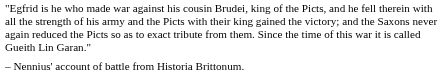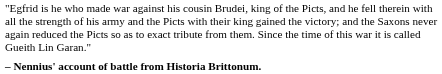 <table class="toccolours" style="float: left; margin-left: 1em; margin-right: 2em; font-size: 85%; background:#dddddd9; color:black; width:40em; max-width: 40%;" cellspacing="5">
 <tr>
 <td style="text-align: left;">"Egfrid is he who made war against his cousin Brudei, king of the Picts, and he fell therein with all the strength of his army and the Picts with their king gained the victory; and the Saxons never again reduced the Picts so as to exact tribute from them. Since the time of this war it is called Gueith Lin Garan."</td>
 </tr>
 <tr>
-<td style="text-align: left;">– Nennius' account of battle from Historia Brittonum.</td>
+<td style="text-align: left;"><strong>– Nennius' account of battle from Historia Brittonum.</strong></td>
 </tr>
 </table>
